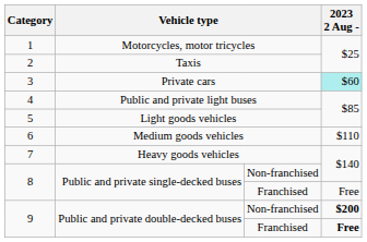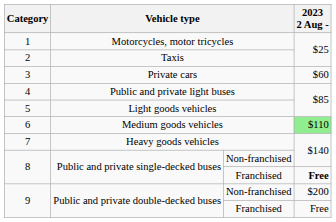 <table class="wikitable" align="center">
 <tr>
 <th><strong>Category</strong></th>
 <th colspan="2"><strong>Vehicle type</strong></th>
 <th><strong>2023</strong><br><strong>2 Aug -</strong></th>
 </tr>
 <tr>
 <td align="center">1</td>
 <td colspan="2" align="center">Motorcycles, motor tricycles</td>
 <td rowspan="2" align="right">$25</td>
 </tr>
 <tr>
 <td align="center">2</td>
 <td colspan="2" align="center">Taxis</td>
 </tr>
 <tr>
 <td align="center">3</td>
 <td colspan="2" align="center">Private cars</td>
-<td align="right" style="background: paleturquoise;">$60</td>
+<td align="right">$60</td>
 </tr>
 <tr>
 <td align="center">4</td>
 <td colspan="2" align="center">Public and private light buses</td>
 <td rowspan="2" align="right">$85</td>
 </tr>
 <tr>
 <td align="center">5</td>
 <td colspan="2" align="center">Light goods vehicles</td>
 </tr>
 <tr>
 <td align="center">6</td>
 <td colspan="2" align="center">Medium goods vehicles</td>
-<td align="right">$110</td>
+<td align="right" style="background: lightgreen;">$110</td>
 </tr>
 <tr>
 <td align="center">7</td>
 <td colspan="2" align="center">Heavy goods vehicles</td>
 <td rowspan="2" align="right">$140</td>
 </tr>
 <tr>
 <td rowspan="2" align="center">8</td>
 <td rowspan="2" align="right">Public and private single-decked buses</td>
 <td align="center">Non-franchised</td>
 </tr>
 <tr>
 <td align="center">Franchised</td>
-<td align="right">Free</td>
+<td align="right"><strong>Free</strong></td>
 </tr>
 <tr>
 <td rowspan="2" align="center">9</td>
 <td rowspan="2" align="right">Public and private double-decked buses</td>
 <td align="center">Non-franchised</td>
-<td align="right"><strong>$200</strong></td>
+<td align="right">$200</td>
 </tr>
 <tr>
 <td align="center">Franchised</td>
-<td align="right"><strong>Free</strong></td>
+<td align="right">Free</td>
 </tr>
 </table>
